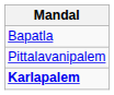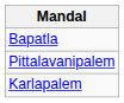 <table class="wikitable sortable static-row-numbers static-row-header-hash">
 <tr>
 <th>Mandal</th>
 </tr>
 <tr>
 <td><a href='#'>Bapatla</a></td>
 </tr>
 <tr>
 <td><a href='#'>Pittalavanipalem</a></td>
 </tr>
 <tr>
-<td><strong><a href='#'>Karlapalem</a></strong></td>
+<td><a href='#'>Karlapalem</a></td>
 </tr>
 </table>
